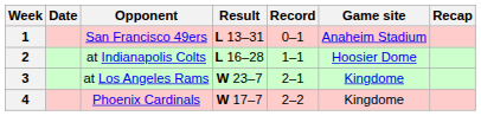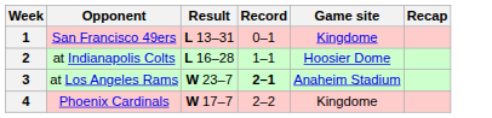 <table class="wikitable" style="text-align:center">
 <tr>
 <th>Week</th>
-<th>Date</th>
 <th>Opponent</th>
 <th>Result</th>
 <th>Record</th>
 <th>Game site</th>
 <th>Recap</th>
 </tr>
 <tr style="background:#fcc">
 <th>1</th>
-<td></td>
 <td><a href='#'>San Francisco 49ers</a></td>
 <td><strong>L</strong> 13–31</td>
 <td>0–1</td>
-<td><a href='#'>Anaheim Stadium</a></td>
+<td><a href='#'>Kingdome</a></td>
 <td></td>
 </tr>
 <tr style="background:#cfc">
 <th>2</th>
-<td></td>
 <td>at <a href='#'>Indianapolis Colts</a></td>
 <td><strong>L</strong> 16–28</td>
 <td>1–1</td>
 <td><a href='#'>Hoosier Dome</a></td>
 <td></td>
 </tr>
 <tr style="background:#cfc">
 <th>3</th>
-<td></td>
 <td>at <a href='#'>Los Angeles Rams</a></td>
 <td><strong>W</strong> 23–7</td>
-<td>2–1</td>
-<td><a href='#'>Kingdome</a></td>
+<td><strong>2–1</strong></td>
+<td><a href='#'>Anaheim Stadium</a></td>
 <td></td>
 </tr>
 <tr style="background:#fcc">
 <th>4</th>
-<td></td>
 <td><a href='#'>Phoenix Cardinals</a></td>
 <td><strong>W</strong> 17–7</td>
 <td>2–2</td>
 <td>Kingdome</td>
 <td></td>
 </tr>
 </table>
